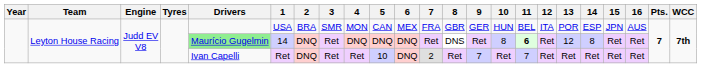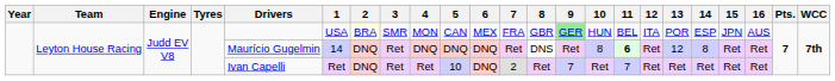 <table class="wikitable" style="text-align:center; font-size:95%">
 <tr>
 <th>Year</th>
 <th>Team</th>
 <th>Engine</th>
 <th>Tyres</th>
 <th>Drivers</th>
 <th>1</th>
 <th>2</th>
 <th>3</th>
 <th>4</th>
 <th>5</th>
 <th>6</th>
 <th>7</th>
 <th>8</th>
 <th>9</th>
 <th>10</th>
 <th>11</th>
 <th>12</th>
 <th>13</th>
 <th>14</th>
 <th>15</th>
 <th>16</th>
 <th>Pts.</th>
 <th>WCC</th>
 </tr>
 <tr>
 <td rowspan="3"></td>
 <td rowspan="3"><a href='#'>Leyton House Racing</a></td>
 <td rowspan="3"><a href='#'>Judd EV</a><br><a href='#'>V8</a></td>
 <td rowspan="3"></td>
 <td></td>
 <td><a href='#'>USA</a></td>
-<td><a href='#'>BRA</a></td>
+<td style="background: lightyellow;"><a href='#'>BRA</a></td>
 <td><a href='#'>SMR</a></td>
 <td><a href='#'>MON</a></td>
 <td><a href='#'>CAN</a></td>
 <td><a href='#'>MEX</a></td>
 <td><a href='#'>FRA</a></td>
 <td><a href='#'>GBR</a></td>
-<td><a href='#'>GER</a></td>
+<td style="background: lightgreen;"><a href='#'>GER</a></td>
 <td><a href='#'>HUN</a></td>
 <td><a href='#'>BEL</a></td>
 <td><a href='#'>ITA</a></td>
 <td><a href='#'>POR</a></td>
 <td><a href='#'>ESP</a></td>
 <td><a href='#'>JPN</a></td>
 <td><a href='#'>AUS</a></td>
 <td rowspan="3"><strong>7</strong></td>
 <td rowspan="3"><strong>7th</strong></td>
 </tr>
 <tr>
-<td align="left" style="background: lightgreen;"><a href='#'>Maurício Gugelmin</a></td>
+<td align="left"><a href='#'>Maurício Gugelmin</a></td>
 <td style="background:#cfcfff;">14</td>
 <td style="background:#ffcfcf;">DNQ</td>
 <td style="background:#efcfff;">Ret</td>
 <td style="background:#ffcfcf;">DNQ</td>
 <td style="background:#ffcfcf;">DNQ</td>
 <td style="background:#ffcfcf;">DNQ</td>
 <td style="background:#efcfff;">Ret</td>
 <td style="background:#ffffff;">DNS</td>
 <td style="background:#efcfff;">Ret</td>
 <td style="background:#cfcfff;">8</td>
 <td style="background:#dfffdf;"><strong>6</strong></td>
 <td style="background:#efcfff;">Ret</td>
 <td style="background:#cfcfff;">12</td>
 <td style="background:#cfcfff;">8</td>
 <td style="background:#efcfff;">Ret</td>
 <td style="background:#efcfff;">Ret</td>
 </tr>
 <tr>
 <td align="left"><a href='#'>Ivan Capelli</a></td>
 <td style="background:#efcfff;">Ret</td>
 <td style="background:#ffcfcf;">DNQ</td>
 <td style="background:#efcfff;">Ret</td>
 <td style="background:#efcfff;">Ret</td>
 <td style="background:#cfcfff;">10</td>
 <td style="background:#ffcfcf;">DNQ</td>
 <td style="background:#dfdfdf;">2</td>
 <td style="background:#efcfff;">Ret</td>
 <td style="background:#cfcfff;">7</td>
 <td style="background:#efcfff;">Ret</td>
 <td style="background:#cfcfff;">7</td>
 <td style="background:#efcfff;">Ret</td>
 <td style="background:#efcfff;">Ret</td>
 <td style="background:#efcfff;">Ret</td>
 <td style="background:#efcfff;">Ret</td>
 <td style="background:#efcfff;">Ret</td>
 </tr>
 </table>
